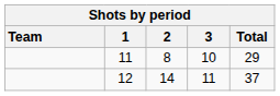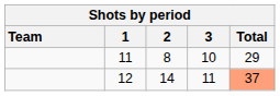 <table class="wikitable" style="width:20em;">
 <tr>
 <th colspan="6">Shots by period</th>
 </tr>
 <tr>
 <th style="width:8em; text-align:left;">Team</th>
 <th style="width:3em;">1</th>
 <th style="width:3em;">2</th>
 <th style="width:3em;">3</th>
 <th style="width:3em;">Total</th>
 </tr>
 <tr style="text-align:center;">
 <td style="text-align:left;"></td>
 <td>11</td>
 <td>8</td>
 <td>10</td>
 <td>29</td>
 </tr>
 <tr style="text-align:center;">
 <td style="text-align:left;"></td>
 <td>12</td>
 <td>14</td>
 <td>11</td>
-<td>37</td>
+<td style="background: lightsalmon;">37</td>
 </tr>
 </table>
